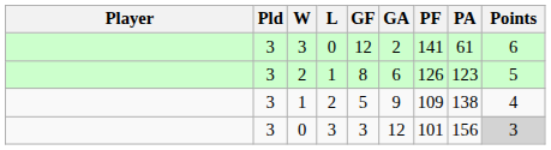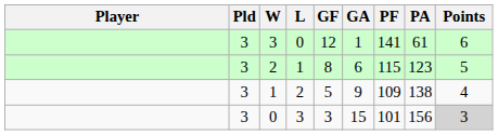 <table class=wikitable style="text-align:center">
 <tr>
 <th width=220>Player</th>
 <th width=20>Pld</th>
 <th width=20>W</th>
 <th width=20>L</th>
 <th width=20>GF</th>
 <th width=20>GA</th>
 <th width=20>PF</th>
 <th width=20>PA</th>
 <th width=50>Points</th>
 </tr>
 <tr bgcolor="#ccffcc">
 <td align=left></td>
 <td>3</td>
 <td>3</td>
 <td>0</td>
 <td>12</td>
-<td>2</td>
+<td>1</td>
 <td>141</td>
 <td>61</td>
 <td>6</td>
 </tr>
 <tr bgcolor="#ccffcc">
 <td align=left></td>
 <td>3</td>
 <td>2</td>
 <td>1</td>
 <td>8</td>
 <td>6</td>
-<td>126</td>
+<td>115</td>
 <td>123</td>
 <td>5</td>
 </tr>
 <tr>
 <td align=left></td>
 <td>3</td>
 <td>1</td>
 <td>2</td>
 <td>5</td>
 <td>9</td>
 <td>109</td>
 <td>138</td>
 <td>4</td>
 </tr>
 <tr>
 <td align=left></td>
 <td>3</td>
 <td>0</td>
 <td>3</td>
 <td>3</td>
-<td>12</td>
+<td>15</td>
 <td>101</td>
 <td>156</td>
 <td style="background: lightgrey;">3</td>
 </tr>
 </table>
